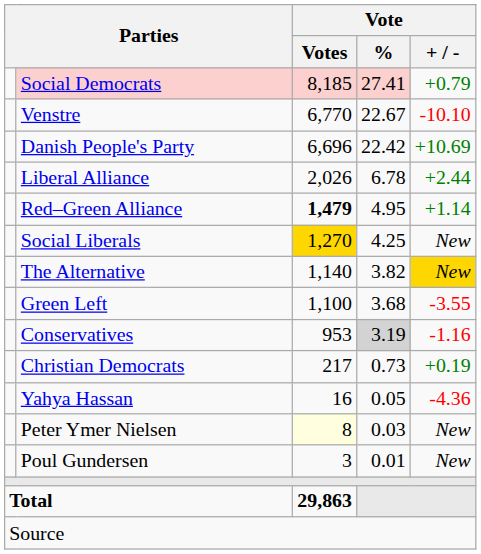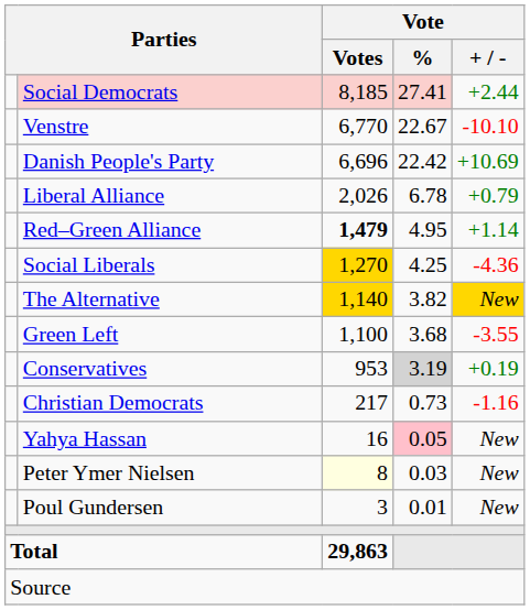 <table class="wikitable" style="text-align:right;">
 <tr>
 <th style="text-align:centre;" rowspan="2" colspan="2" width="225">Parties</th>
 <th colspan="3">Vote</th>
 </tr>
 <tr>
 <th width="15">Votes</th>
 <th width="15">%</th>
 <th width="15">+ / -</th>
 </tr>
 <tr>
 <td width="2" style="color:inherit;background:"></td>
 <td bgcolor=#fbd0ce  align="left"><a href='#'>Social Democrats</a></td>
 <td bgcolor=#fbd0ce>8,185</td>
 <td bgcolor=#fbd0ce>27.41</td>
-<td style=color:green;>+0.79</td>
+<td style=color:green;>+2.44</td>
 </tr>
 <tr>
 <td width="2" style="color:inherit;background:"></td>
 <td align="left"><a href='#'>Venstre</a></td>
 <td>6,770</td>
 <td>22.67</td>
 <td style=color:red;>-10.10</td>
 </tr>
 <tr>
 <td width="2" style="color:inherit;background:"></td>
 <td align="left"><a href='#'>Danish People's Party</a></td>
 <td>6,696</td>
 <td>22.42</td>
 <td style=color:green;>+10.69</td>
 </tr>
 <tr>
 <td width="2" style="color:inherit;background:"></td>
 <td align="left"><a href='#'>Liberal Alliance</a></td>
 <td>2,026</td>
 <td>6.78</td>
-<td style=color:green;>+2.44</td>
+<td style=color:green;>+0.79</td>
 </tr>
 <tr>
 <td width="2" style="color:inherit;background:"></td>
 <td align="left"><a href='#'>Red–Green Alliance</a></td>
 <td><strong>1,479</strong></td>
 <td>4.95</td>
 <td style=color:green;>+1.14</td>
 </tr>
 <tr>
 <td width="2" style="color:inherit;background:"></td>
 <td align="left"><a href='#'>Social Liberals</a></td>
 <td style="background: gold;">1,270</td>
 <td>4.25</td>
-<td><em>New</em></td>
+<td style=color:red;>-4.36</td>
 </tr>
 <tr>
 <td width="2" style="color:inherit;background:"></td>
 <td align="left"><a href='#'>The Alternative</a></td>
-<td>1,140</td>
+<td style="background: gold;">1,140</td>
 <td>3.82</td>
 <td style="background: gold;"><em>New</em></td>
 </tr>
 <tr>
 <td width="2" style="color:inherit;background:"></td>
 <td align="left"><a href='#'>Green Left</a></td>
 <td>1,100</td>
 <td>3.68</td>
 <td style=color:red;>-3.55</td>
 </tr>
 <tr>
 <td width="2" style="color:inherit;background:"></td>
 <td align="left"><a href='#'>Conservatives</a></td>
 <td>953</td>
 <td style="background: lightgrey;">3.19</td>
-<td style=color:red;>-1.16</td>
+<td style=color:green;>+0.19</td>
 </tr>
 <tr>
 <td width="2" style="color:inherit;background:"></td>
 <td align="left"><a href='#'>Christian Democrats</a></td>
 <td>217</td>
 <td>0.73</td>
-<td style=color:green;>+0.19</td>
+<td style=color:red;>-1.16</td>
 </tr>
 <tr>
 <td width="2" style="color:inherit;background:"></td>
 <td align="left"><a href='#'>Yahya Hassan</a></td>
 <td>16</td>
-<td>0.05</td>
-<td style=color:red;>-4.36</td>
+<td style="background: pink;">0.05</td>
+<td><em>New</em></td>
 </tr>
 <tr>
 <td width="2" style="color:inherit;background:"></td>
 <td align="left">Peter Ymer Nielsen</td>
 <td style="background: lightyellow;">8</td>
 <td>0.03</td>
 <td><em>New</em></td>
 </tr>
 <tr>
 <td width="2" style="color:inherit;background:"></td>
 <td align="left">Poul Gundersen</td>
 <td>3</td>
 <td>0.01</td>
 <td><em>New</em></td>
 </tr>
 <tr>
 <td colspan="7" bgcolor="#E9E9E9"></td>
 </tr>
 <tr>
 <td align="left" colspan="2"><strong>Total</strong></td>
 <td><strong>29,863</strong></td>
 <td bgcolor="#E9E9E9" colspan="2"></td>
 </tr>
 <tr>
 <td align="left" colspan="6">Source</td>
 </tr>
 </table>
